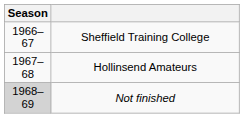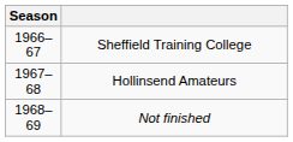 <table class="wikitable" style="text-align: center; font-size:85%">
 <tr>
 <th width=50>Season</th>
 <th width=220></th>
 </tr>
 <tr>
 <td>1966–67</td>
 <td>Sheffield Training College</td>
 </tr>
 <tr>
 <td>1967–68</td>
 <td>Hollinsend Amateurs</td>
 </tr>
 <tr>
-<td style="background: lightgrey;">1968–69</td>
+<td>1968–69</td>
 <td><em>Not finished</em></td>
 </tr>
 </table>
